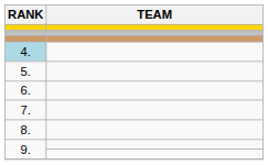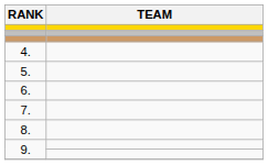 <table class="wikitable" style="border-collapse: collapse; font-size: 90%;">
 <tr>
 <th>RANK</th>
 <th align="left" style="width: 17em">TEAM</th>
 </tr>
 <tr bgcolor=gold>
 <td align="center"></td>
 <td></td>
 </tr>
 <tr bgcolor=silver>
 <td align="center"></td>
 <td></td>
 </tr>
 <tr bgcolor=cc9966>
 <td align="center"></td>
 <td></td>
 </tr>
 <tr>
-<td align="center" style="background: lightblue;">4.</td>
+<td align="center">4.</td>
 <td></td>
 </tr>
 <tr>
 <td align="center">5.</td>
 <td></td>
 </tr>
 <tr>
 <td align="center">6.</td>
 <td></td>
 </tr>
 <tr>
 <td align="center">7.</td>
 <td></td>
 </tr>
 <tr>
 <td align="center">8.</td>
 <td></td>
 </tr>
 <tr>
 <td align="center" rowspan=2>9.</td>
 <td></td>
 </tr>
 <tr>
 <td></td>
 </tr>
 <tr>
 </tr>
 </table>
